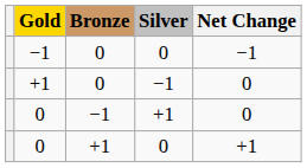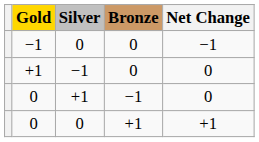 <table class="wikitable plainrowheaders sortable" style="text-align:center">
 <tr>
 <th></th>
 <th style="background-color:gold">Gold</th>
+<th style="background-color:silver">Silver</th>
 <th style="background-color:#c96">Bronze</th>
-<th style="background-color:silver">Silver</th>
 <th>Net Change</th>
 </tr>
 <tr>
 <th scope="row" style="text-align:left"></th>
 <td>−1</td>
 <td>0</td>
 <td>0</td>
 <td>−1</td>
 </tr>
 <tr>
 <th scope="row" style="text-align:left"></th>
 <td>+1</td>
+<td>−1</td>
 <td>0</td>
+<td>0</td>
+</tr>
+<tr>
+<th scope="row" style="text-align:left"></th>
+<td>0</td>
+<td>+1</td>
 <td>−1</td>
 <td>0</td>
 </tr>
 <tr>
 <th scope="row" style="text-align:left"></th>
 <td>0</td>
-<td>−1</td>
-<td>+1</td>
-<td>0</td>
-</tr>
-<tr>
-<th scope="row" style="text-align:left"></th>
 <td>0</td>
 <td>+1</td>
-<td>0</td>
 <td>+1</td>
 </tr>
 </table>
